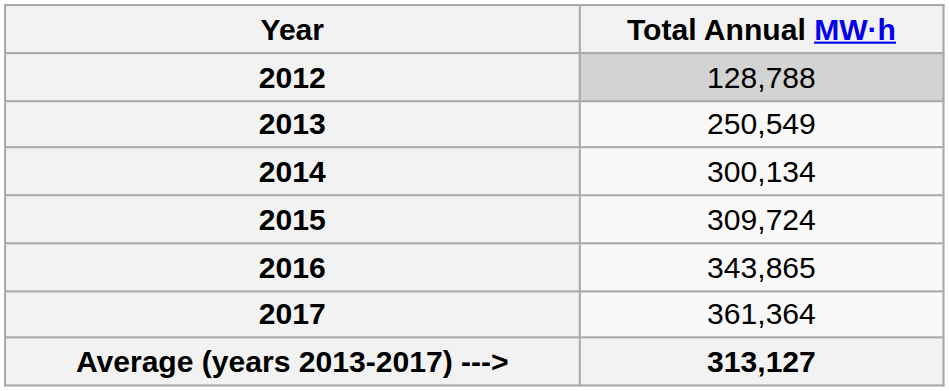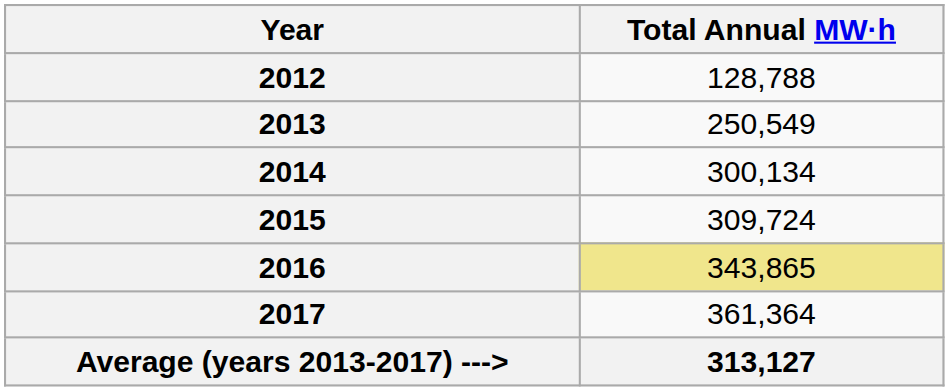 <table class=wikitable style="text-align:center; font-size:0.9em; width:450px;">
 <tr>
 <th>Year</th>
 <th>Total Annual <a href='#'>MW·h</a></th>
 </tr>
 <tr>
 <th>2012</th>
-<td style="background: lightgrey;">128,788</td>
+<td>128,788</td>
 </tr>
 <tr>
 <th>2013</th>
 <td>250,549</td>
 </tr>
 <tr>
 <th>2014</th>
 <td>300,134</td>
 </tr>
 <tr>
 <th>2015</th>
 <td>309,724</td>
 </tr>
 <tr>
 <th>2016</th>
-<td>343,865</td>
+<td style="background: khaki;">343,865</td>
 </tr>
 <tr>
 <th>2017</th>
 <td>361,364</td>
 </tr>
 <tr>
 <th>Average (years 2013-2017) ---></th>
 <th>313,127</th>
 </tr>
 </table>
